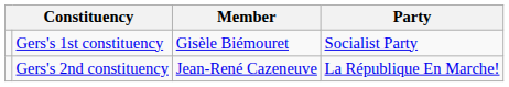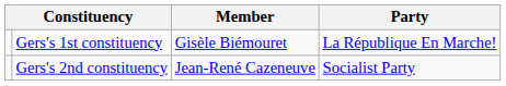 <table class="wikitable">
 <tr>
 <th colspan="2">Constituency</th>
 <th>Member</th>
 <th>Party</th>
 </tr>
 <tr>
 <td style="background-color: "></td>
 <td><a href='#'>Gers's 1st constituency</a></td>
 <td><a href='#'>Gisèle Biémouret</a></td>
-<td><a href='#'>Socialist Party</a></td>
+<td><a href='#'>La République En Marche!</a></td>
 </tr>
 <tr>
 <td style="background-color: "></td>
 <td><a href='#'>Gers's 2nd constituency</a></td>
 <td><a href='#'>Jean-René Cazeneuve</a></td>
-<td><a href='#'>La République En Marche!</a></td>
+<td><a href='#'>Socialist Party</a></td>
 </tr>
 </table>
